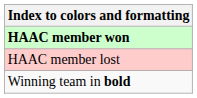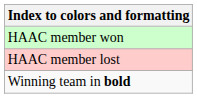 <table class="wikitable">
 <tr>
 <th>Index to colors and formatting</th>
 </tr>
 <tr bgcolor=#ccffcc>
-<td><strong>HAAC member won</strong></td>
+<td>HAAC member won</td>
 </tr>
 <tr bgcolor=#ffcccc>
 <td>HAAC member lost</td>
 </tr>
 <tr>
 <td>Winning team in <strong>bold</strong></td>
 </tr>
 </table>
